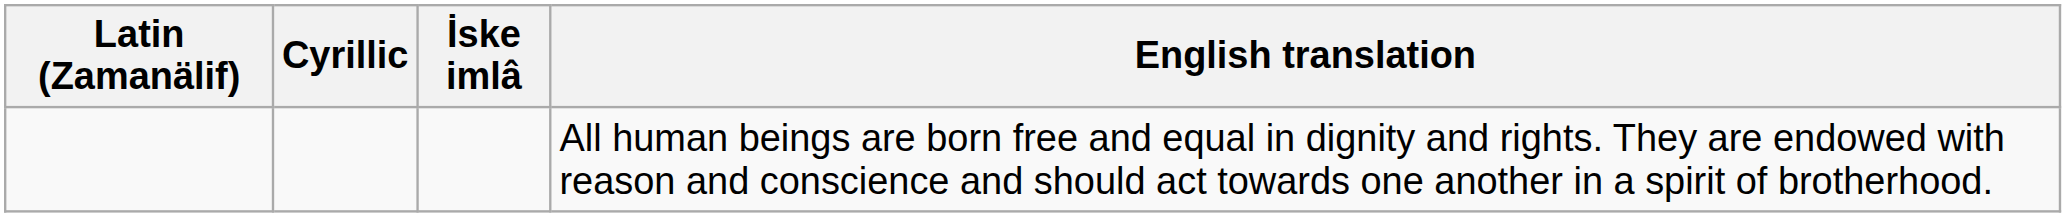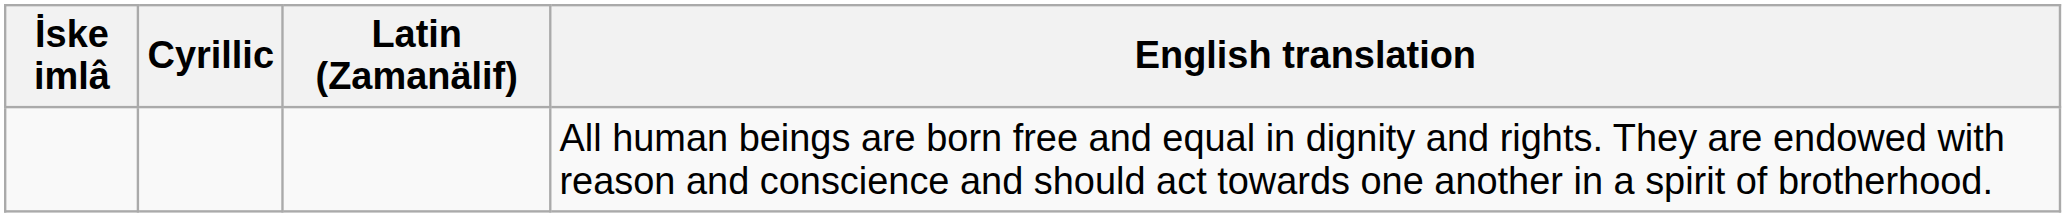 <table class="wikitable">
 <tr>
+<th scope="col">İske imlâ</th>
+<th scope="col">Cyrillic</th>
 <th scope="col">Latin (Zamanälif)</th>
-<th scope="col">Cyrillic</th>
-<th scope="col">İske imlâ</th>
 <th scope="col">English translation</th>
 </tr>
 <tr>
 <td></td>
 <td></td>
 <td></td>
 <td>All human beings are born free and equal in dignity and rights. They are endowed with reason and conscience and should act towards one another in a spirit of brotherhood.</td>
 </tr>
 </table>
